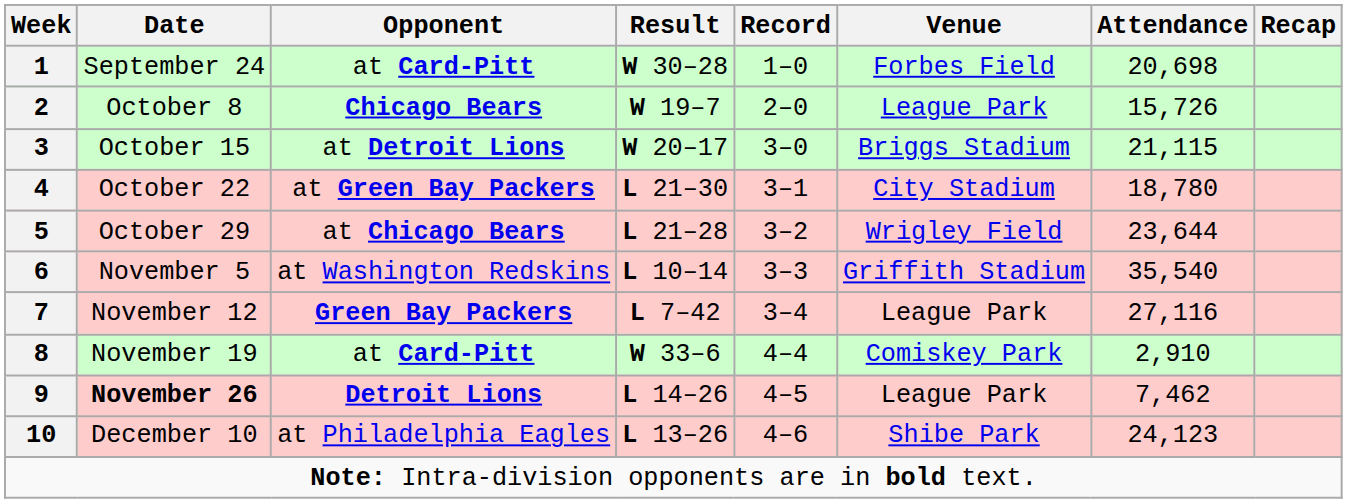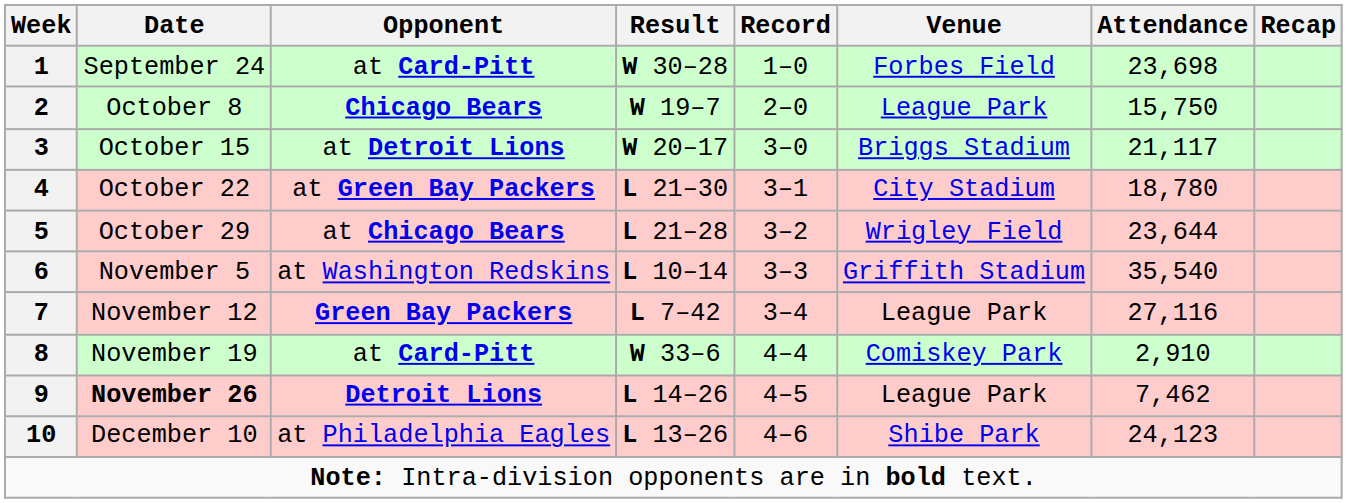 <table class="wikitable" style="text-align:center">
 <tr>
 <th>Week</th>
 <th>Date</th>
 <th>Opponent</th>
 <th>Result</th>
 <th>Record</th>
 <th>Venue</th>
 <th>Attendance</th>
 <th>Recap</th>
 </tr>
 <tr style="background:#cfc">
 <th>1</th>
 <td>September 24</td>
 <td>at <strong><a href='#'>Card-Pitt</a></strong></td>
 <td><strong>W</strong> 30–28</td>
 <td>1–0</td>
 <td><a href='#'>Forbes Field</a></td>
-<td>20,698</td>
+<td>23,698</td>
 <td></td>
 </tr>
 <tr style="background:#cfc">
 <th>2</th>
 <td>October 8</td>
 <td><strong><a href='#'>Chicago Bears</a></strong></td>
 <td><strong>W</strong> 19–7</td>
 <td>2–0</td>
 <td><a href='#'>League Park</a></td>
-<td>15,726</td>
+<td>15,750</td>
 <td></td>
 </tr>
 <tr style="background:#cfc">
 <th>3</th>
 <td>October 15</td>
 <td>at <strong><a href='#'>Detroit Lions</a></strong></td>
 <td><strong>W</strong> 20–17</td>
 <td>3–0</td>
 <td><a href='#'>Briggs Stadium</a></td>
-<td>21,115</td>
+<td>21,117</td>
 <td></td>
 </tr>
 <tr style="background:#fcc">
 <th>4</th>
 <td>October 22</td>
 <td>at <strong><a href='#'>Green Bay Packers</a></strong></td>
 <td><strong>L</strong> 21–30</td>
 <td>3–1</td>
 <td><a href='#'>City Stadium</a></td>
 <td>18,780</td>
 <td></td>
 </tr>
 <tr style="background:#fcc">
 <th>5</th>
 <td>October 29</td>
 <td>at <strong><a href='#'>Chicago Bears</a></strong></td>
 <td><strong>L</strong> 21–28</td>
 <td>3–2</td>
 <td><a href='#'>Wrigley Field</a></td>
 <td>23,644</td>
 <td></td>
 </tr>
 <tr style="background:#fcc">
 <th>6</th>
 <td>November 5</td>
 <td>at <a href='#'>Washington Redskins</a></td>
 <td><strong>L</strong> 10–14</td>
 <td>3–3</td>
 <td><a href='#'>Griffith Stadium</a></td>
 <td>35,540</td>
 <td></td>
 </tr>
 <tr style="background:#fcc">
 <th>7</th>
 <td>November 12</td>
 <td><strong><a href='#'>Green Bay Packers</a></strong></td>
 <td><strong>L</strong> 7–42</td>
 <td>3–4</td>
 <td>League Park</td>
 <td>27,116</td>
 <td></td>
 </tr>
 <tr style="background:#cfc">
 <th>8</th>
 <td>November 19</td>
 <td>at <strong><a href='#'>Card-Pitt</a></strong></td>
 <td><strong>W</strong> 33–6</td>
 <td>4–4</td>
 <td><a href='#'>Comiskey Park</a></td>
 <td>2,910</td>
 <td></td>
 </tr>
 <tr style="background:#fcc">
 <th>9</th>
 <td><strong>November 26</strong></td>
 <td><strong><a href='#'>Detroit Lions</a></strong></td>
 <td><strong>L</strong> 14–26</td>
 <td>4–5</td>
 <td>League Park</td>
 <td>7,462</td>
 <td></td>
 </tr>
 <tr style="background:#fcc">
 <th>10</th>
 <td>December 10</td>
 <td>at <a href='#'>Philadelphia Eagles</a></td>
 <td><strong>L</strong> 13–26</td>
 <td>4–6</td>
 <td><a href='#'>Shibe Park</a></td>
 <td>24,123</td>
 <td></td>
 </tr>
 <tr>
 <td colspan="8"><strong>Note:</strong> Intra-division opponents are in <strong>bold</strong> text.</td>
 </tr>
 </table>
